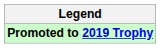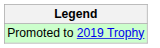 <table class="wikitable">
 <tr>
 <th>Legend</th>
 </tr>
 <tr bgcolor=ccffcc>
-<td><strong>Promoted to <a href='#'>2019 Trophy</a></strong></td>
+<td>Promoted to <a href='#'>2019 Trophy</a></td>
 </tr>
 </table>
